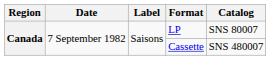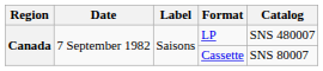 <table class="wikitable plainrowheaders">
 <tr>
 <th>Region</th>
 <th>Date</th>
 <th>Label</th>
 <th>Format</th>
 <th>Catalog</th>
 </tr>
 <tr>
 <th scope="row" rowspan="2">Canada</th>
 <td rowspan="2">7 September 1982</td>
 <td rowspan="2">Saisons</td>
 <td><a href='#'>LP</a></td>
-<td>SNS 80007</td>
+<td>SNS 480007</td>
 </tr>
 <tr>
 <td><a href='#'>Cassette</a></td>
-<td>SNS 480007</td>
+<td>SNS 80007</td>
 </tr>
 </table>
